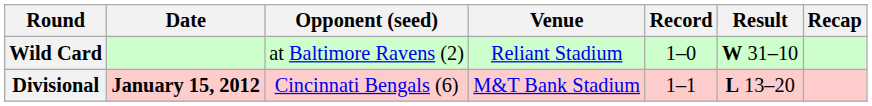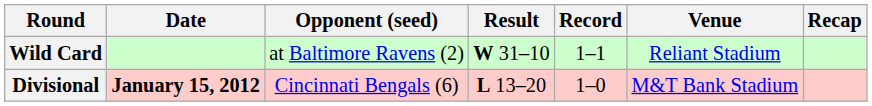 <table class="wikitable" style="text-align:center">
 <tr>
 <th>Round</th>
 <th>Date</th>
 <th>Opponent (seed)</th>
+<th>Result</th>
+<th>Record</th>
 <th>Venue</th>
-<th>Record</th>
-<th>Result</th>
 <th>Recap</th>
 </tr>
 <tr style="background:#cfc">
 <th>Wild Card</th>
 <td></td>
 <td>at <a href='#'>Baltimore Ravens</a> (2)</td>
+<td><strong>W</strong> 31–10</td>
+<td>1–1</td>
 <td><a href='#'>Reliant Stadium</a></td>
-<td>1–0</td>
-<td><strong>W</strong> 31–10</td>
 <td></td>
 </tr>
 <tr style="background:#fcc">
 <th>Divisional</th>
 <td><strong>January 15, 2012</strong></td>
 <td><a href='#'>Cincinnati Bengals</a> (6)</td>
+<td><strong>L</strong> 13–20</td>
+<td>1–0</td>
 <td><a href='#'>M&T Bank Stadium</a></td>
-<td>1–1</td>
-<td><strong>L</strong> 13–20</td>
 <td></td>
 </tr>
 </table>
